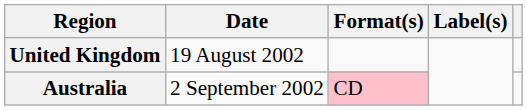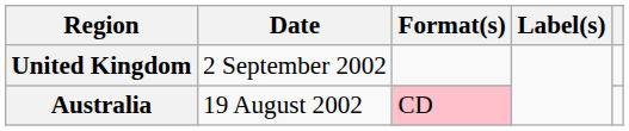 <table class="wikitable plainrowheaders">
 <tr>
 <th scope="col">Region</th>
 <th scope="col">Date</th>
 <th scope="col">Format(s)</th>
 <th scope="col">Label(s)</th>
 <th scope="col"></th>
 </tr>
 <tr>
 <th scope="row">United Kingdom</th>
-<td>19 August 2002</td>
+<td>2 September 2002</td>
 <td></td>
 <td rowspan="2"></td>
 <td></td>
 </tr>
 <tr>
 <th scope="row">Australia</th>
-<td>2 September 2002</td>
+<td>19 August 2002</td>
 <td style="background: pink;">CD</td>
 <td></td>
 </tr>
 </table>
